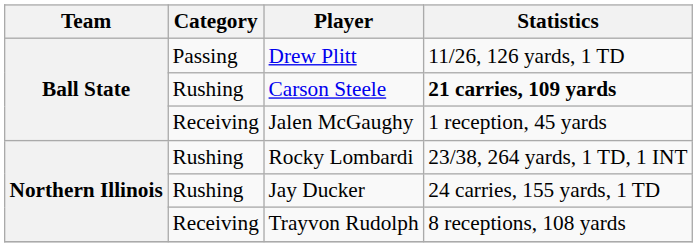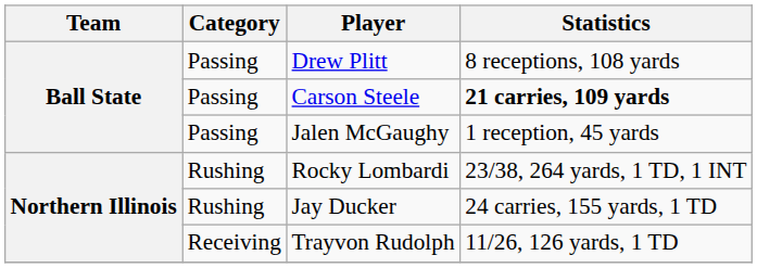 <table class="wikitable" style="float: left;">
 <tr>
 <th>Team</th>
 <th>Category</th>
 <th>Player</th>
 <th>Statistics</th>
 </tr>
 <tr>
 <th rowspan=3>Ball State</th>
 <td>Passing</td>
 <td><a href='#'>Drew Plitt</a></td>
-<td>11/26, 126 yards, 1 TD</td>
+<td>8 receptions, 108 yards</td>
 </tr>
 <tr>
-<td>Rushing</td>
+<td>Passing</td>
 <td><a href='#'>Carson Steele</a></td>
 <td><strong>21 carries, 109 yards</strong></td>
 </tr>
 <tr>
-<td>Receiving</td>
+<td>Passing</td>
 <td>Jalen McGaughy</td>
 <td>1 reception, 45 yards</td>
 </tr>
 <tr>
 <th rowspan=3 style=>Northern Illinois</th>
 <td>Rushing</td>
 <td>Rocky Lombardi</td>
 <td>23/38, 264 yards, 1 TD, 1 INT</td>
 </tr>
 <tr>
 <td>Rushing</td>
 <td>Jay Ducker</td>
 <td>24 carries, 155 yards, 1 TD</td>
 </tr>
 <tr>
 <td>Receiving</td>
 <td>Trayvon Rudolph</td>
-<td>8 receptions, 108 yards</td>
+<td>11/26, 126 yards, 1 TD</td>
 </tr>
 <tr>
 </tr>
 </table>
